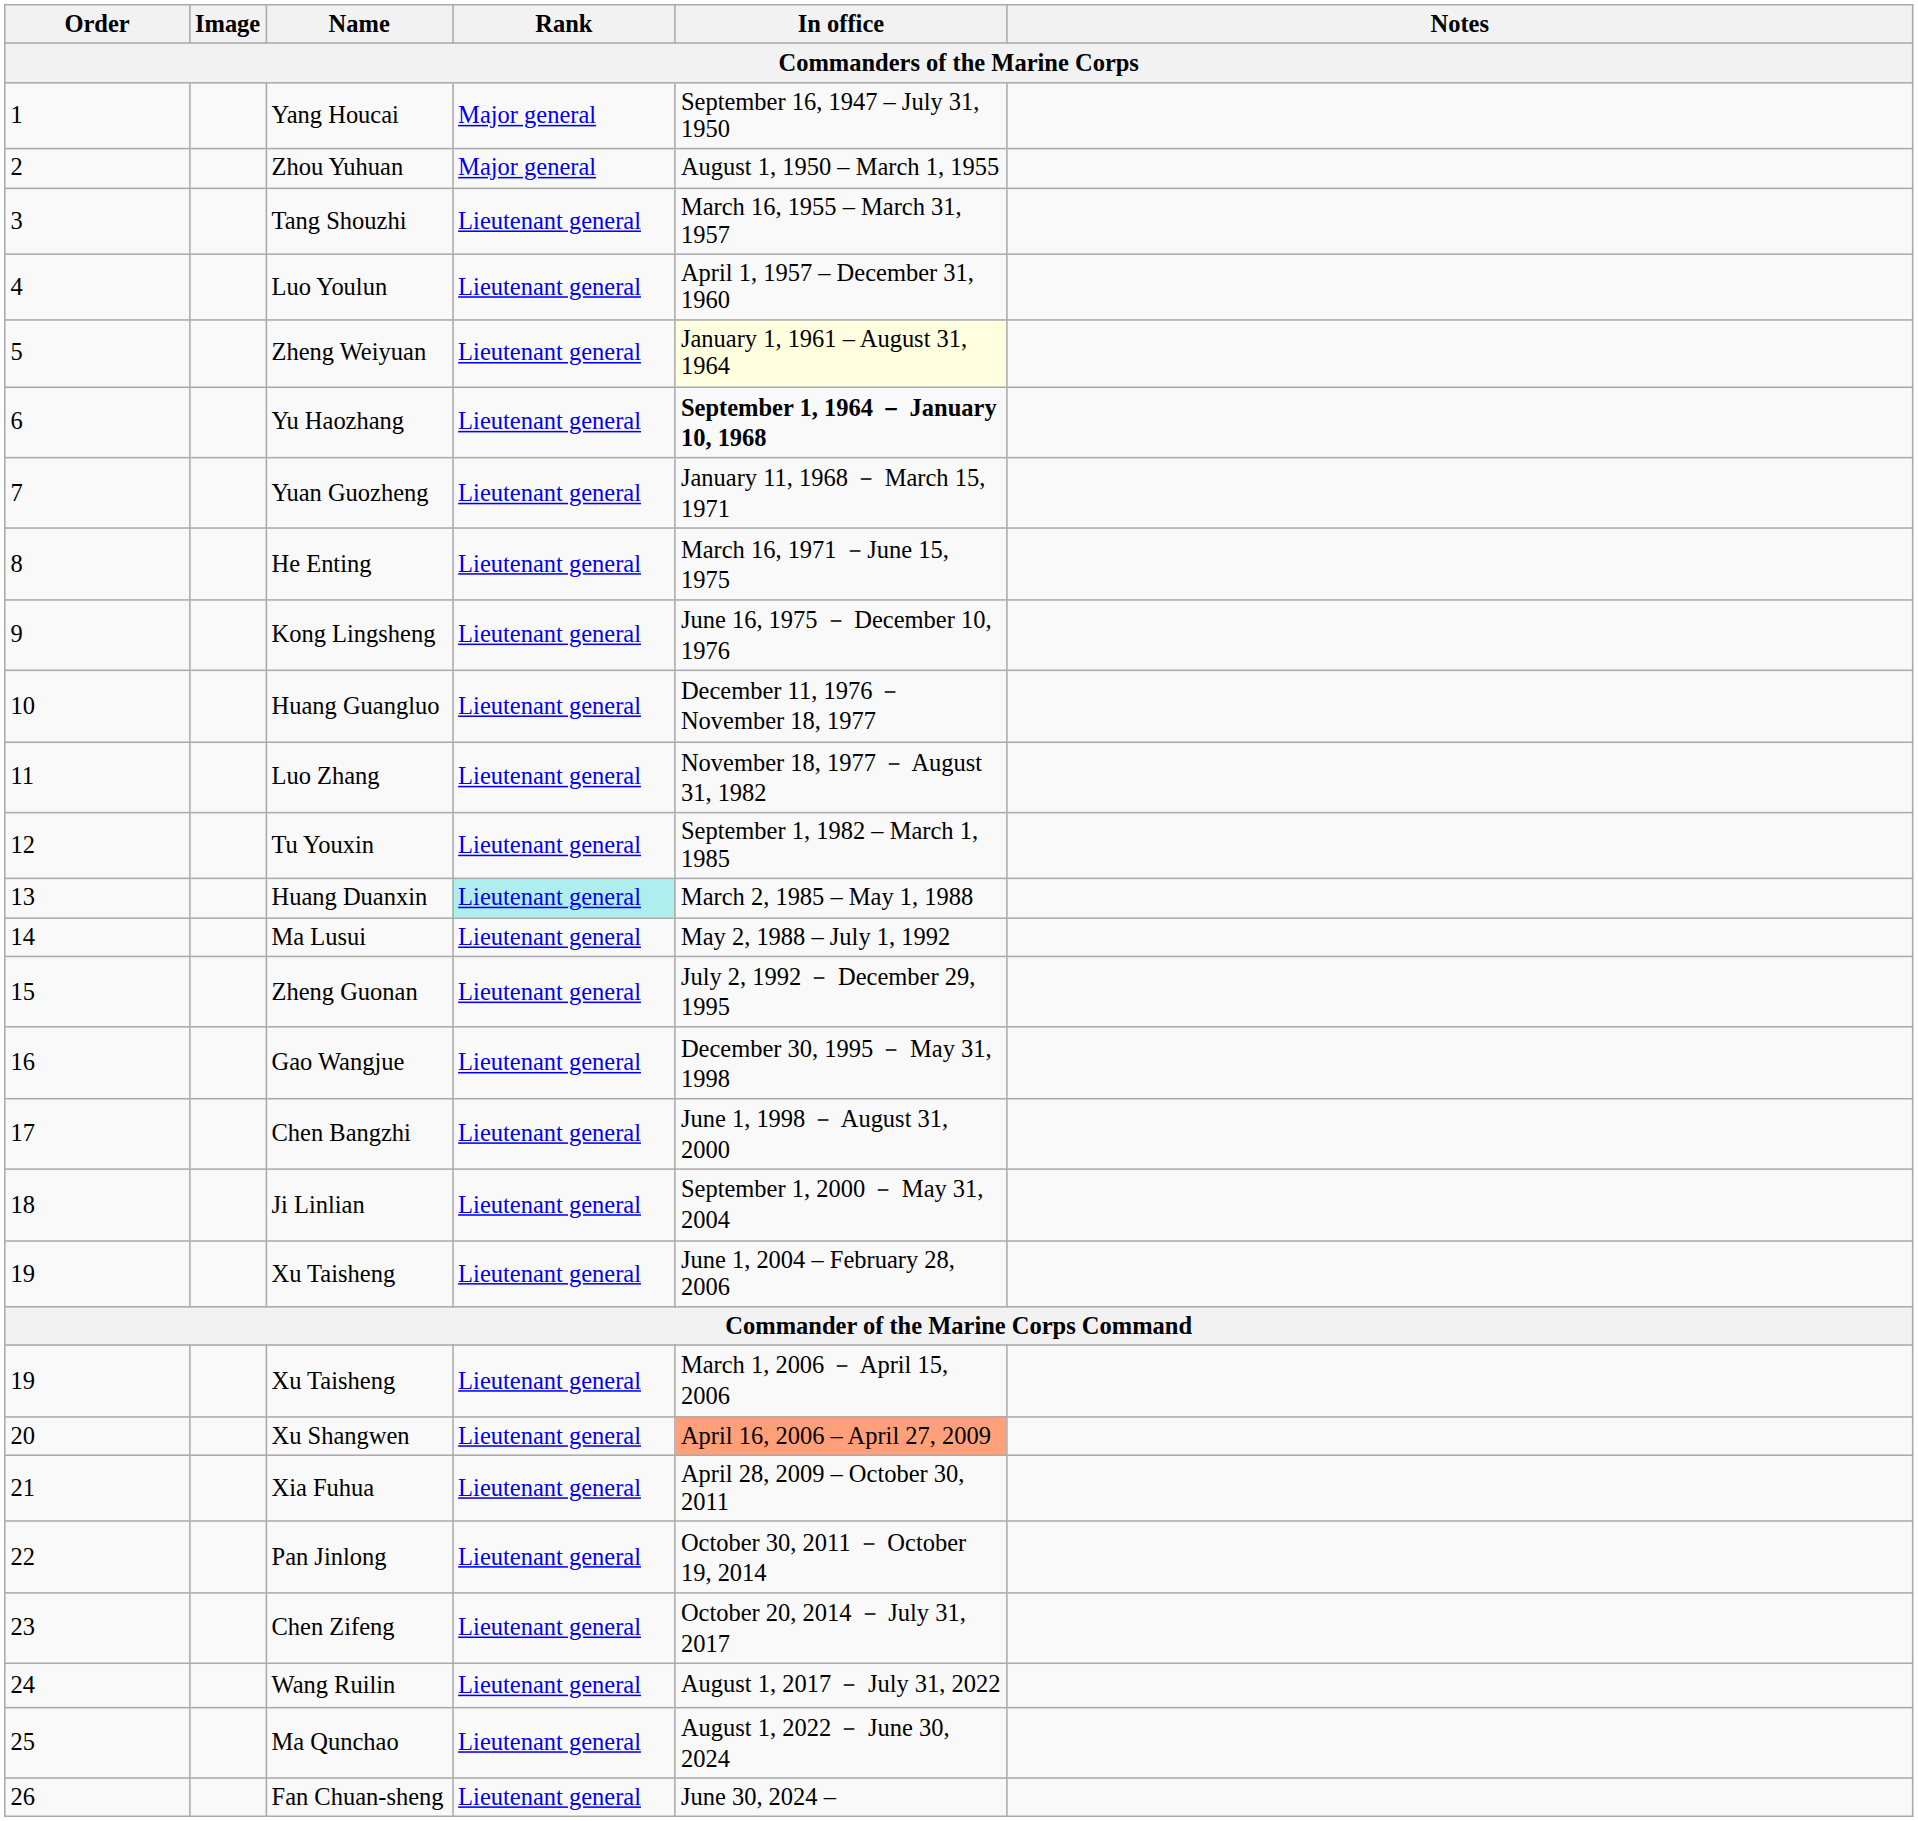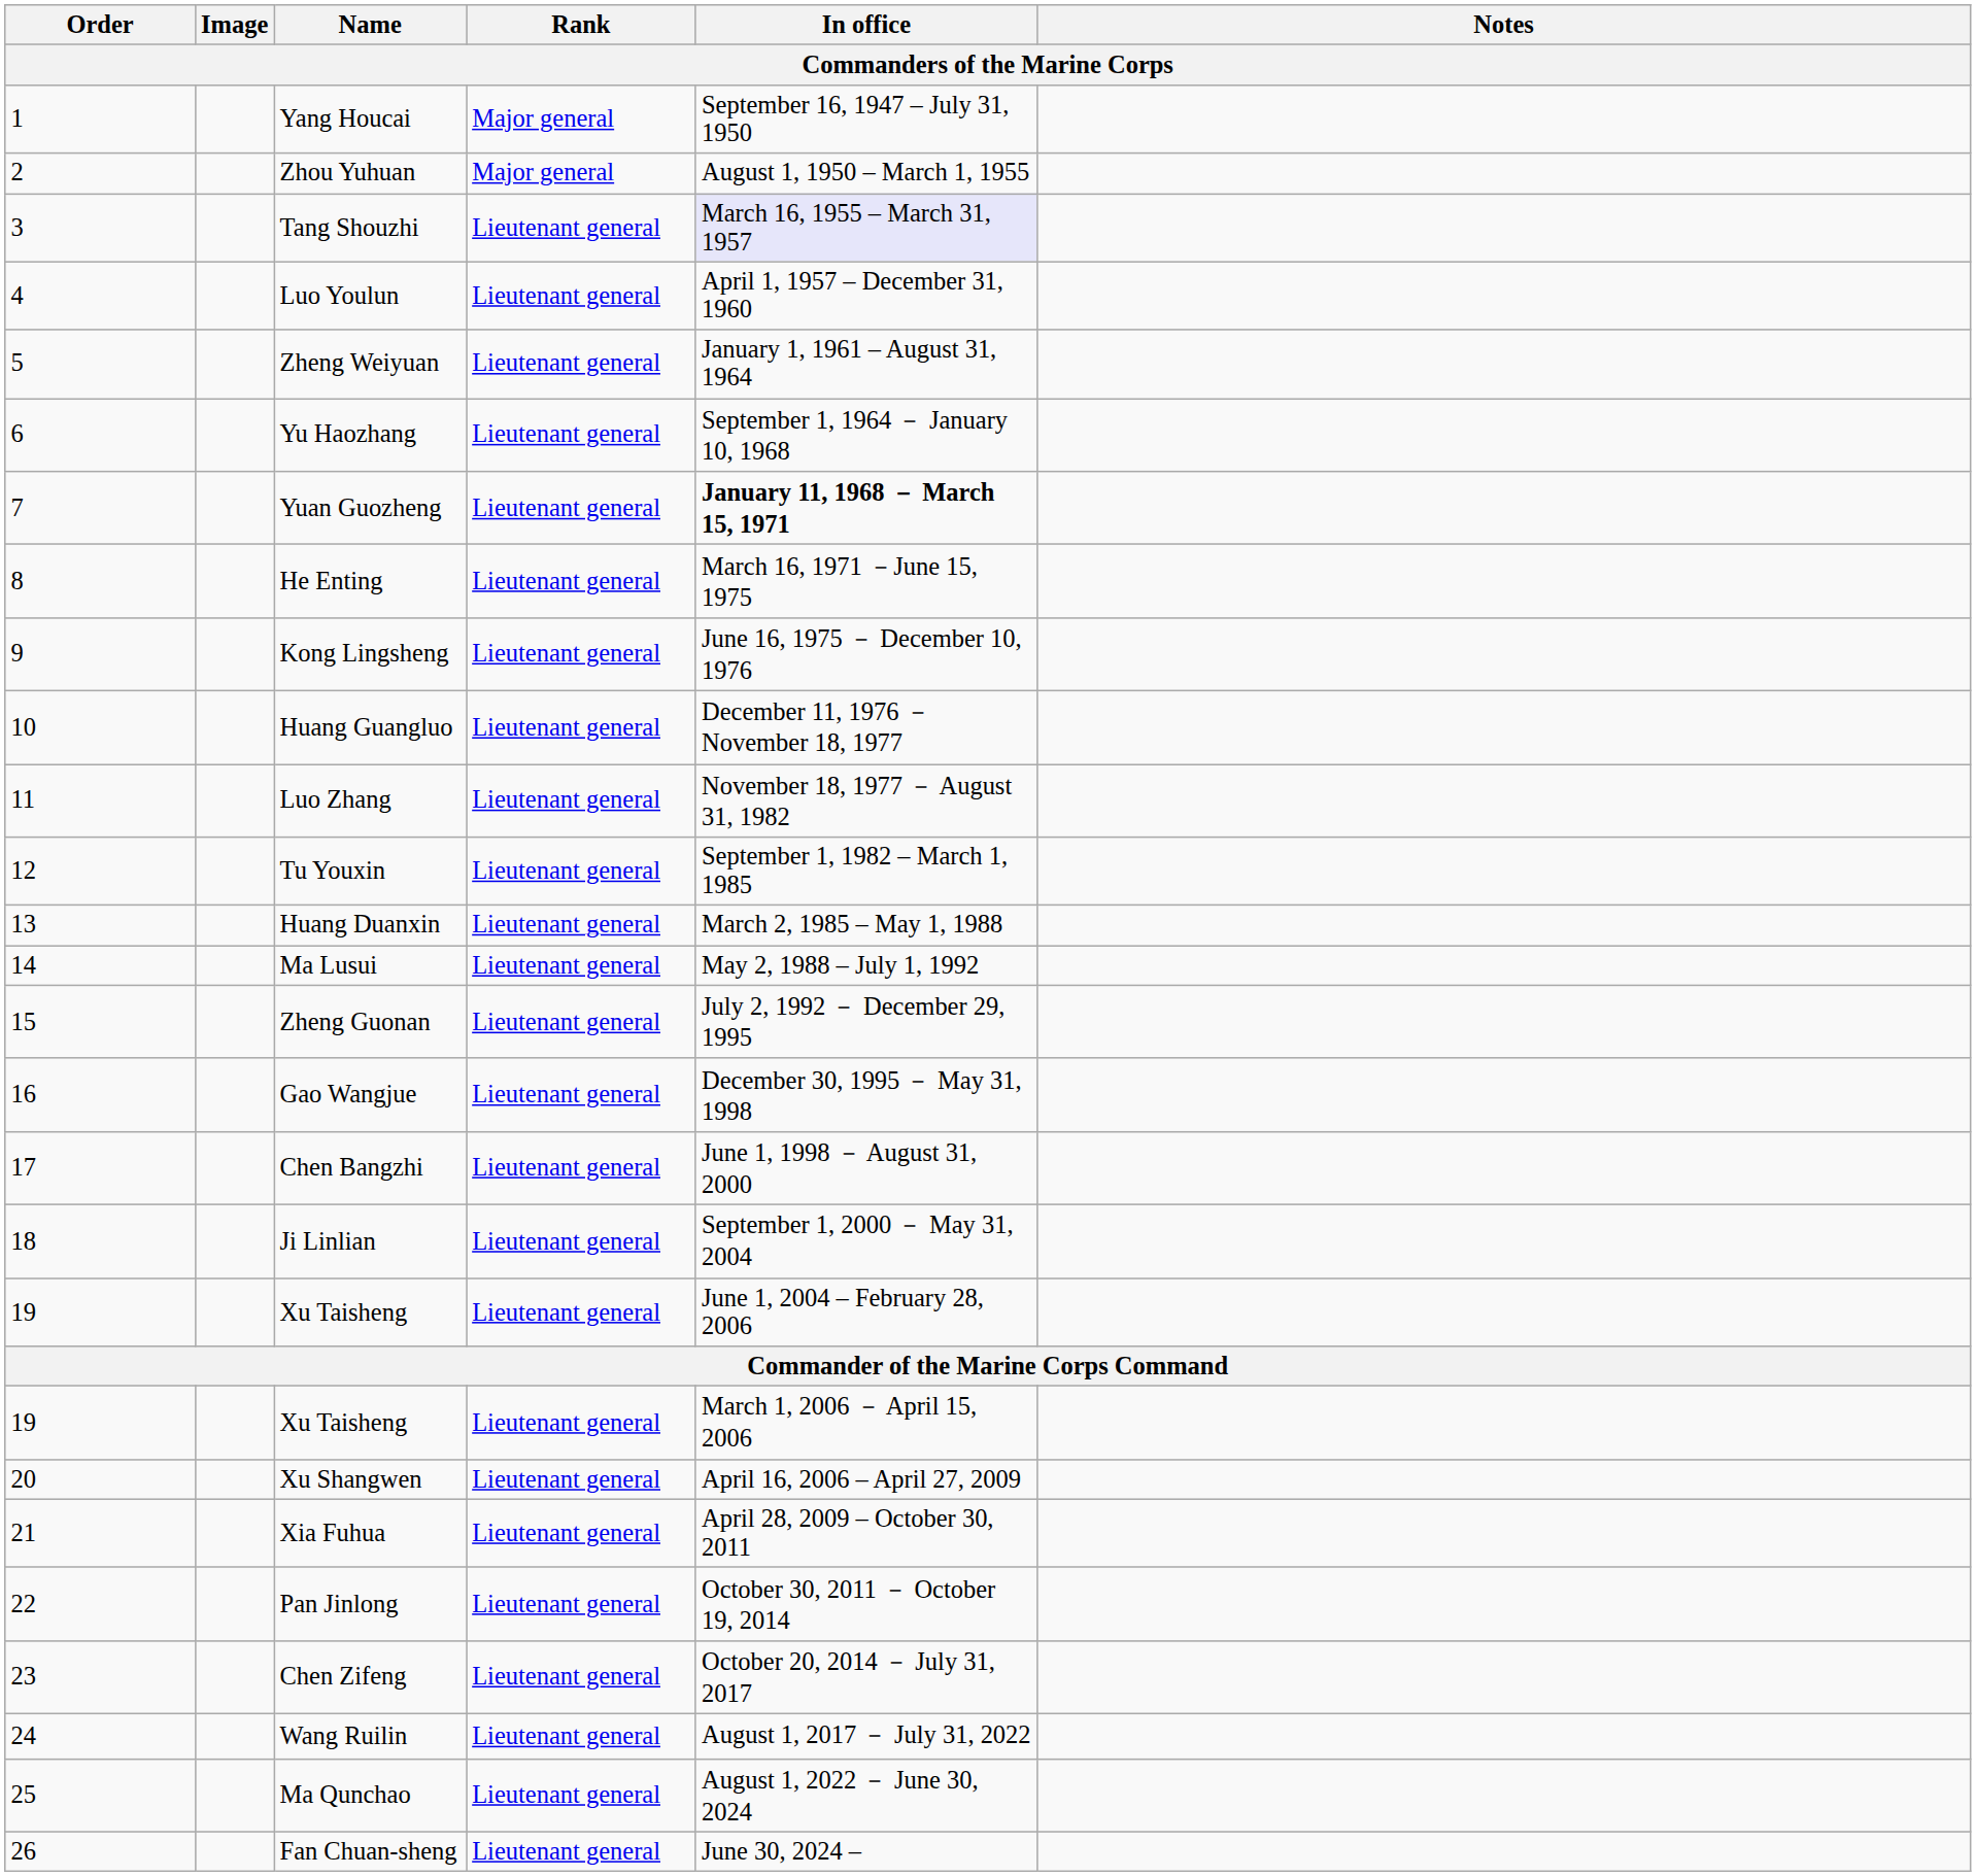 <table class="wikitable">
 <tr>
 <th style="width:10%;">Order</th>
 <th>Image</th>
 <th style="width:10%;">Name</th>
 <th style="width:12%;">Rank</th>
 <th style="width:18%;">In office</th>
 <th style="width:50%;">Notes</th>
 </tr>
 <tr>
 <th colspan = "6">Commanders of the Marine Corps</th>
 </tr>
 <tr>
 <td>1</td>
 <td></td>
 <td>Yang Houcai</td>
 <td><a href='#'>Major general</a></td>
 <td>September 16, 1947 – July 31, 1950</td>
 <td></td>
 </tr>
 <tr>
 <td>2</td>
 <td></td>
 <td>Zhou Yuhuan</td>
 <td><a href='#'>Major general</a></td>
 <td>August 1, 1950 – March 1, 1955</td>
 <td></td>
 </tr>
 <tr>
 <td>3</td>
 <td></td>
 <td>Tang Shouzhi</td>
 <td><a href='#'>Lieutenant general</a></td>
-<td>March 16, 1955 – March 31, 1957</td>
+<td style="background: lavender;">March 16, 1955 – March 31, 1957</td>
 <td></td>
 </tr>
 <tr>
 <td>4</td>
 <td></td>
 <td>Luo Youlun</td>
 <td><a href='#'>Lieutenant general</a></td>
 <td>April 1, 1957 – December 31, 1960</td>
 <td></td>
 </tr>
 <tr>
 <td>5</td>
 <td></td>
 <td>Zheng Weiyuan</td>
 <td><a href='#'>Lieutenant general</a></td>
-<td style="background: lightyellow;">January 1, 1961 – August 31, 1964</td>
+<td>January 1, 1961 – August 31, 1964</td>
 <td></td>
 </tr>
 <tr>
 <td>6</td>
 <td></td>
 <td>Yu Haozhang</td>
 <td><a href='#'>Lieutenant general</a></td>
-<td><strong>September 1, 1964 － January 10, 1968</strong></td>
+<td>September 1, 1964 － January 10, 1968</td>
 <td></td>
 </tr>
 <tr>
 <td>7</td>
 <td></td>
 <td>Yuan Guozheng</td>
 <td><a href='#'>Lieutenant general</a></td>
-<td>January 11, 1968 － March 15, 1971</td>
+<td><strong>January 11, 1968 － March 15, 1971</strong></td>
 <td></td>
 </tr>
 <tr>
 <td>8</td>
 <td></td>
 <td>He Enting</td>
 <td><a href='#'>Lieutenant general</a></td>
 <td>March 16, 1971 －June 15, 1975</td>
 <td></td>
 </tr>
 <tr>
 <td>9</td>
 <td></td>
 <td>Kong Lingsheng</td>
 <td><a href='#'>Lieutenant general</a></td>
 <td>June 16, 1975 － December 10, 1976</td>
 <td></td>
 </tr>
 <tr>
 <td>10</td>
 <td></td>
 <td>Huang Guangluo</td>
 <td><a href='#'>Lieutenant general</a></td>
 <td>December 11, 1976 － November 18, 1977</td>
 <td></td>
 </tr>
 <tr>
 <td>11</td>
 <td></td>
 <td>Luo Zhang</td>
 <td><a href='#'>Lieutenant general</a></td>
 <td>November 18, 1977 － August 31, 1982</td>
 <td></td>
 </tr>
 <tr>
 <td>12</td>
 <td></td>
 <td>Tu Youxin</td>
 <td><a href='#'>Lieutenant general</a></td>
 <td>September 1, 1982 – March 1, 1985</td>
 <td></td>
 </tr>
 <tr>
 <td>13</td>
 <td></td>
 <td>Huang Duanxin</td>
-<td style="background: paleturquoise;"><a href='#'>Lieutenant general</a></td>
+<td><a href='#'>Lieutenant general</a></td>
 <td>March 2, 1985 – May 1, 1988</td>
 <td></td>
 </tr>
 <tr>
 <td>14</td>
 <td></td>
 <td>Ma Lusui</td>
 <td><a href='#'>Lieutenant general</a></td>
 <td>May 2, 1988 – July 1, 1992</td>
 <td></td>
 </tr>
 <tr>
 <td>15</td>
 <td></td>
 <td>Zheng Guonan</td>
 <td><a href='#'>Lieutenant general</a></td>
 <td>July 2, 1992 － December 29, 1995</td>
 <td></td>
 </tr>
 <tr>
 <td>16</td>
 <td></td>
 <td>Gao Wangjue</td>
 <td><a href='#'>Lieutenant general</a></td>
 <td>December 30, 1995 － May 31, 1998</td>
 <td></td>
 </tr>
 <tr>
 <td>17</td>
 <td></td>
 <td>Chen Bangzhi</td>
 <td><a href='#'>Lieutenant general</a></td>
 <td>June 1, 1998 － August 31, 2000</td>
 <td></td>
 </tr>
 <tr>
 <td>18</td>
 <td></td>
 <td>Ji Linlian</td>
 <td><a href='#'>Lieutenant general</a></td>
 <td>September 1, 2000 － May 31, 2004</td>
 <td></td>
 </tr>
 <tr>
 <td>19</td>
 <td></td>
 <td>Xu Taisheng</td>
 <td><a href='#'>Lieutenant general</a></td>
 <td>June 1, 2004 – February 28, 2006</td>
 <td></td>
 </tr>
 <tr>
 <th colspan = "6">Commander of the Marine Corps Command</th>
 </tr>
 <tr>
 <td>19</td>
 <td></td>
 <td>Xu Taisheng</td>
 <td><a href='#'>Lieutenant general</a></td>
 <td>March 1, 2006 － April 15, 2006</td>
 <td></td>
 </tr>
 <tr>
 <td>20</td>
 <td></td>
 <td>Xu Shangwen</td>
 <td><a href='#'>Lieutenant general</a></td>
-<td style="background: lightsalmon;">April 16, 2006 – April 27, 2009</td>
+<td>April 16, 2006 – April 27, 2009</td>
 <td></td>
 </tr>
 <tr>
 <td>21</td>
 <td></td>
 <td>Xia Fuhua</td>
 <td><a href='#'>Lieutenant general</a></td>
 <td>April 28, 2009 – October 30, 2011</td>
 <td></td>
 </tr>
 <tr>
 <td>22</td>
 <td></td>
 <td>Pan Jinlong</td>
 <td><a href='#'>Lieutenant general</a></td>
 <td>October 30, 2011 － October 19, 2014</td>
 <td></td>
 </tr>
 <tr>
 <td>23</td>
 <td></td>
 <td>Chen Zifeng</td>
 <td><a href='#'>Lieutenant general</a></td>
 <td>October 20, 2014 － July 31, 2017</td>
 <td></td>
 </tr>
 <tr>
 <td>24</td>
 <td></td>
 <td>Wang Ruilin</td>
 <td><a href='#'>Lieutenant general</a></td>
 <td>August 1, 2017 － July 31, 2022</td>
 <td></td>
 </tr>
 <tr>
 <td>25</td>
 <td></td>
 <td>Ma Qunchao</td>
 <td><a href='#'>Lieutenant general</a></td>
 <td>August 1, 2022 － June 30, 2024</td>
 <td></td>
 </tr>
 <tr>
 <td>26</td>
 <td></td>
 <td>Fan Chuan-sheng</td>
 <td><a href='#'>Lieutenant general</a></td>
 <td>June 30, 2024 –</td>
 <td></td>
 </tr>
 </table>
